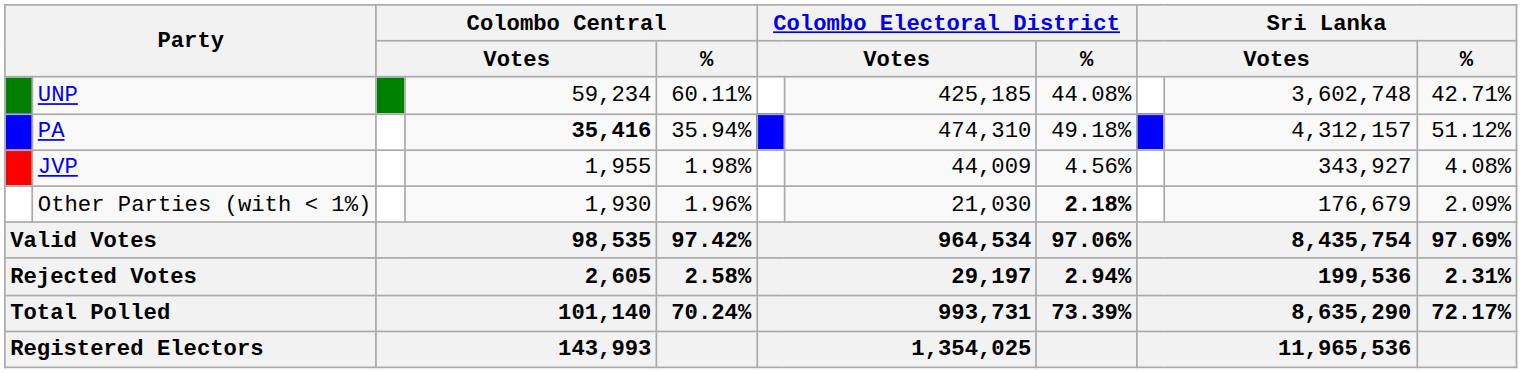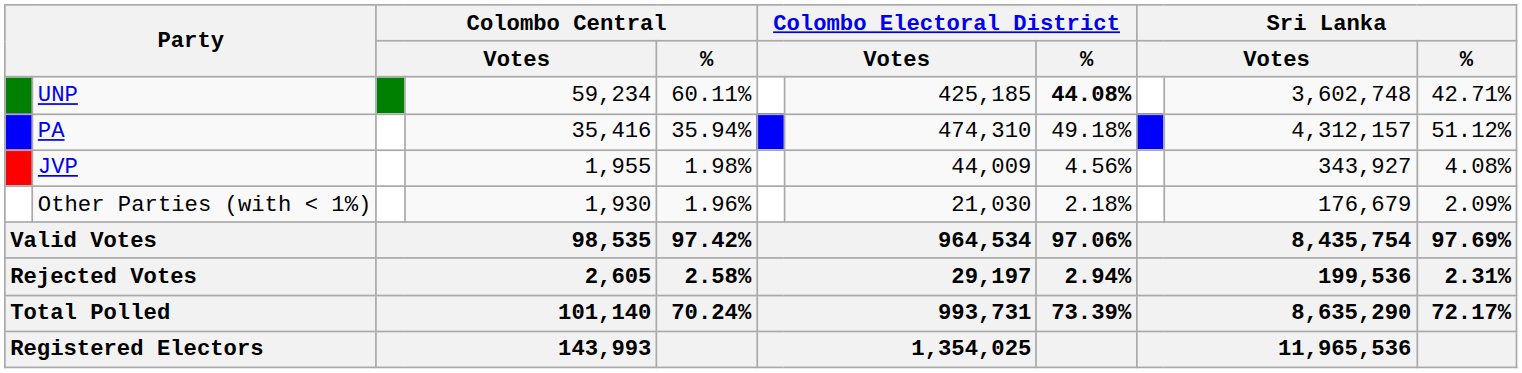 <table class="wikitable">
 <tr>
 <th colspan="2" width="144px"rowspan="2">Party</th>
 <th colspan="3" width="216px">Colombo Central</th>
 <th colspan="3" width="216px"><a href='#'>Colombo Electoral District</a></th>
 <th colspan="3" width="216px">Sri Lanka</th>
 </tr>
 <tr>
 <th colspan="2" width="144px">Votes</th>
 <th>%</th>
 <th colspan="2" width="144px">Votes</th>
 <th>%</th>
 <th colspan="2" width="144px">Votes</th>
 <th>%</th>
 </tr>
 <tr>
 <td style="background-color:green;" width="10px"></td>
 <td style="text-align:left;"><a href='#'>UNP</a></td>
 <td style="background-color:green;" width="10px"></td>
 <td style="text-align:right;">59,234</td>
 <td style="text-align:right;">60.11%</td>
 <td style="background-color:white;" width="10px"></td>
 <td style="text-align:right;">425,185</td>
-<td style="text-align:right;">44.08%</td>
+<td style="text-align:right;"><strong>44.08%</strong></td>
 <td style="background-color:white;" width="10px"></td>
 <td style="text-align:right;">3,602,748</td>
 <td style="text-align:right;">42.71%</td>
 </tr>
 <tr>
 <td style="background-color:blue;" width="10px"></td>
 <td style="text-align:left;"><a href='#'>PA</a></td>
 <td style="background-color:white;" width="10px"></td>
-<td style="text-align:right;"><strong>35,416</strong></td>
+<td style="text-align:right;">35,416</td>
 <td style="text-align:right;">35.94%</td>
 <td style="background-color:blue;" width="10px"></td>
 <td style="text-align:right;">474,310</td>
 <td style="text-align:right;">49.18%</td>
 <td style="background-color:blue;" width="10px"></td>
 <td style="text-align:right;">4,312,157</td>
 <td style="text-align:right;">51.12%</td>
 </tr>
 <tr>
 <td style="background-color:red;" width="10px"></td>
 <td style="text-align:left;"><a href='#'>JVP</a></td>
 <td style="background-color:white;" width="10px"></td>
 <td style="text-align:right;">1,955</td>
 <td style="text-align:right;">1.98%</td>
 <td style="background-color:white;" width="10px"></td>
 <td style="text-align:right;">44,009</td>
 <td style="text-align:right;">4.56%</td>
 <td style="background-color:white;" width="10px"></td>
 <td style="text-align:right;">343,927</td>
 <td style="text-align:right;">4.08%</td>
 </tr>
 <tr>
 <td style="background-color:white;" width="10px"></td>
 <td style="text-align:left;">Other Parties (with < 1%)</td>
 <td style="background-color:white;" width="10px"></td>
 <td style="text-align:right;">1,930</td>
 <td style="text-align:right;">1.96%</td>
 <td style="background-color:white;" width="10px"></td>
 <td style="text-align:right;">21,030</td>
-<td style="text-align:right;"><strong>2.18%</strong></td>
+<td style="text-align:right;">2.18%</td>
 <td style="background-color:white;" width="10px"></td>
 <td style="text-align:right;">176,679</td>
 <td style="text-align:right;">2.09%</td>
 </tr>
 <tr>
 <th colspan="2" width="144px"style="text-align:left;">Valid Votes</th>
 <th style="text-align:right;"colspan="2" width="144px">98,535</th>
 <th style="text-align:right;">97.42%</th>
 <th style="text-align:right;"colspan="2" width="144px">964,534</th>
 <th style="text-align:right;">97.06%</th>
 <th style="text-align:right;"colspan="2" width="144px">8,435,754</th>
 <th style="text-align:right;">97.69%</th>
 </tr>
 <tr>
 <th colspan="2" width="144px"style="text-align:left;">Rejected Votes</th>
 <th style="text-align:right;"colspan="2" width="144px">2,605</th>
 <th style="text-align:right;">2.58%</th>
 <th style="text-align:right;"colspan="2" width="144px">29,197</th>
 <th style="text-align:right;">2.94%</th>
 <th style="text-align:right;"colspan="2" width="144px">199,536</th>
 <th style="text-align:right;">2.31%</th>
 </tr>
 <tr>
 <th colspan="2" width="144px"style="text-align:left;">Total Polled</th>
 <th style="text-align:right;"colspan="2" width="144px">101,140</th>
 <th style="text-align:right;">70.24%</th>
 <th style="text-align:right;"colspan="2" width="144px">993,731</th>
 <th style="text-align:right;">73.39%</th>
 <th style="text-align:right;"colspan="2" width="144px">8,635,290</th>
 <th style="text-align:right;">72.17%</th>
 </tr>
 <tr>
 <th colspan="2" width="144px"style="text-align:left;">Registered Electors</th>
 <th style="text-align:right;"colspan="2" width="144px">143,993</th>
 <th></th>
 <th style="text-align:right;"colspan="2" width="144px">1,354,025</th>
 <th></th>
 <th style="text-align:right;"colspan="2" width="144px">11,965,536</th>
 <th></th>
 </tr>
 </table>
